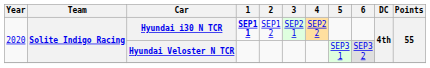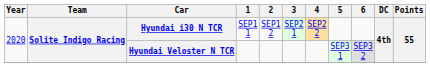 <table class="wikitable" style="text-align:center; font-size:85%">
 <tr>
 <th>Year</th>
 <th>Team</th>
 <th>Car</th>
 <th>1</th>
 <th>2</th>
 <th>3</th>
 <th>4</th>
 <th>5</th>
 <th>6</th>
 <th>DC</th>
 <th>Points</th>
 </tr>
 <tr>
 <td rowspan=2><a href='#'>2020</a></td>
 <th rowspan=2><a href='#'>Solite Indigo Racing</a></th>
 <th><a href='#'>Hyundai i30 N TCR</a></th>
-<td style="background:#;"><strong><a href='#'>SEP1<br>1</a></strong></td>
+<td style="background:#;"><a href='#'>SEP1<br>1</a></td>
 <td style="background:#;"><a href='#'>SEP1<br>2</a></td>
 <td style="background:#DFFFDF;"><a href='#'>SEP2<br>1</a><br></td>
 <td style="background:#FFDF9F;"><a href='#'>SEP2<br>2</a><br></td>
 <td></td>
 <td></td>
 <th rowspan=2>4th</th>
 <th rowspan=2>55</th>
 </tr>
 <tr>
 <th><a href='#'>Hyundai Veloster N TCR</a></th>
 <td></td>
 <td></td>
 <td></td>
 <td></td>
 <td style="background:#DFFFDF;"><a href='#'>SEP3<br>1</a><br></td>
 <td style="background:#DFDFDF;"><a href='#'>SEP3<br>2</a><br></td>
 </tr>
 <tr>
 </tr>
 </table>
